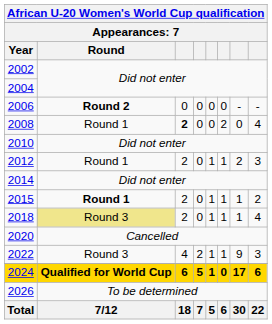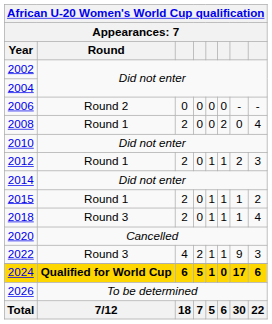 <table class="wikitable" style="text-align: center;">
 <tr>
 <th colspan=8><a href='#'>African U-20 Women's World Cup qualification</a></th>
 </tr>
 <tr>
 <th colspan=8>Appearances: 7</th>
 </tr>
 <tr>
 <th>Year</th>
 <th>Round</th>
 <th></th>
 <th></th>
 <th></th>
 <th></th>
 <th></th>
 <th></th>
 </tr>
 <tr>
 <td><a href='#'>2002</a></td>
 <td colspan=7 rowspan=2><em>Did not enter</em></td>
 </tr>
 <tr>
 <td><a href='#'>2004</a></td>
 </tr>
 <tr>
 <td><a href='#'>2006</a></td>
-<td><strong>Round 2</strong></td>
+<td>Round 2</td>
 <td>0</td>
 <td>0</td>
 <td>0</td>
 <td>0</td>
 <td>-</td>
 <td>-</td>
 </tr>
 <tr>
 <td><a href='#'>2008</a></td>
 <td>Round 1</td>
-<td><strong>2</strong></td>
+<td>2</td>
 <td>0</td>
 <td>0</td>
 <td>2</td>
 <td>0</td>
 <td>4</td>
 </tr>
 <tr>
 <td><a href='#'>2010</a></td>
 <td colspan=7><em>Did not enter</em></td>
 </tr>
 <tr>
 <td><a href='#'>2012</a></td>
 <td>Round 1</td>
 <td>2</td>
 <td>0</td>
 <td>1</td>
 <td>1</td>
 <td>2</td>
 <td>3</td>
 </tr>
 <tr>
 <td><a href='#'>2014</a></td>
 <td colspan=7><em>Did not enter</em></td>
 </tr>
 <tr>
 <td><a href='#'>2015</a></td>
-<td><strong>Round 1</strong></td>
+<td>Round 1</td>
 <td>2</td>
 <td>0</td>
 <td>1</td>
 <td>1</td>
 <td>1</td>
 <td>2</td>
 </tr>
 <tr>
 <td><a href='#'>2018</a></td>
-<td style="background: khaki;">Round 3</td>
+<td>Round 3</td>
 <td>2</td>
 <td>0</td>
 <td>1</td>
 <td>1</td>
 <td>1</td>
 <td>4</td>
 </tr>
 <tr>
 <td><a href='#'>2020</a></td>
 <td colspan=7><em>Cancelled</em></td>
 </tr>
 <tr>
 <td><a href='#'>2022</a></td>
 <td>Round 3</td>
 <td>4</td>
 <td>2</td>
 <td>1</td>
 <td>1</td>
 <td>9</td>
 <td>3</td>
 </tr>
 <tr>
 </tr>
 <tr bgcolor=Gold>
 <td><a href='#'>2024</a></td>
 <td><strong>Qualified for World Cup</strong></td>
 <td><strong>6</strong></td>
 <td><strong>5</strong></td>
 <td><strong>1</strong></td>
 <td><strong>0</strong></td>
 <td><strong>17</strong></td>
 <td><strong>6</strong></td>
 </tr>
 <tr>
 <td><a href='#'>2026</a></td>
 <td colspan=7><em>To be determined</em></td>
 </tr>
 <tr>
 <th>Total</th>
 <th>7/12</th>
 <th>18</th>
 <th>7</th>
 <th>5</th>
 <th>6</th>
 <th>30</th>
 <th>22</th>
 </tr>
 </table>
